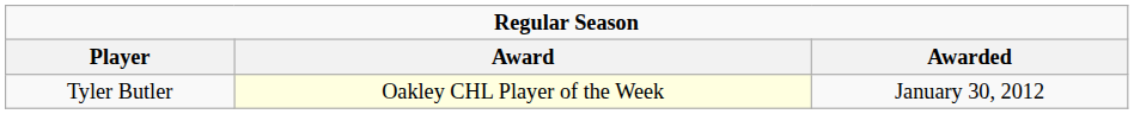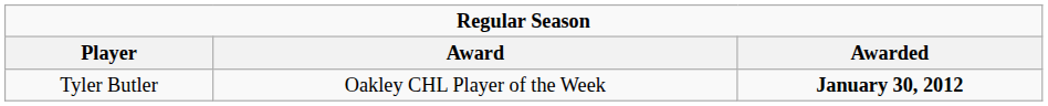 <table class="wikitable" width="52%" style="text-align:center">
 <tr>
 <td colspan="10" align="center"><strong>Regular Season</strong></td>
 </tr>
 <tr>
 <th>Player</th>
 <th>Award</th>
 <th>Awarded</th>
 </tr>
 <tr>
 <td>Tyler Butler</td>
-<td style="background: lightyellow;">Oakley CHL Player of the Week</td>
-<td>January 30, 2012</td>
+<td>Oakley CHL Player of the Week</td>
+<td><strong>January 30, 2012</strong></td>
 </tr>
 </table>
